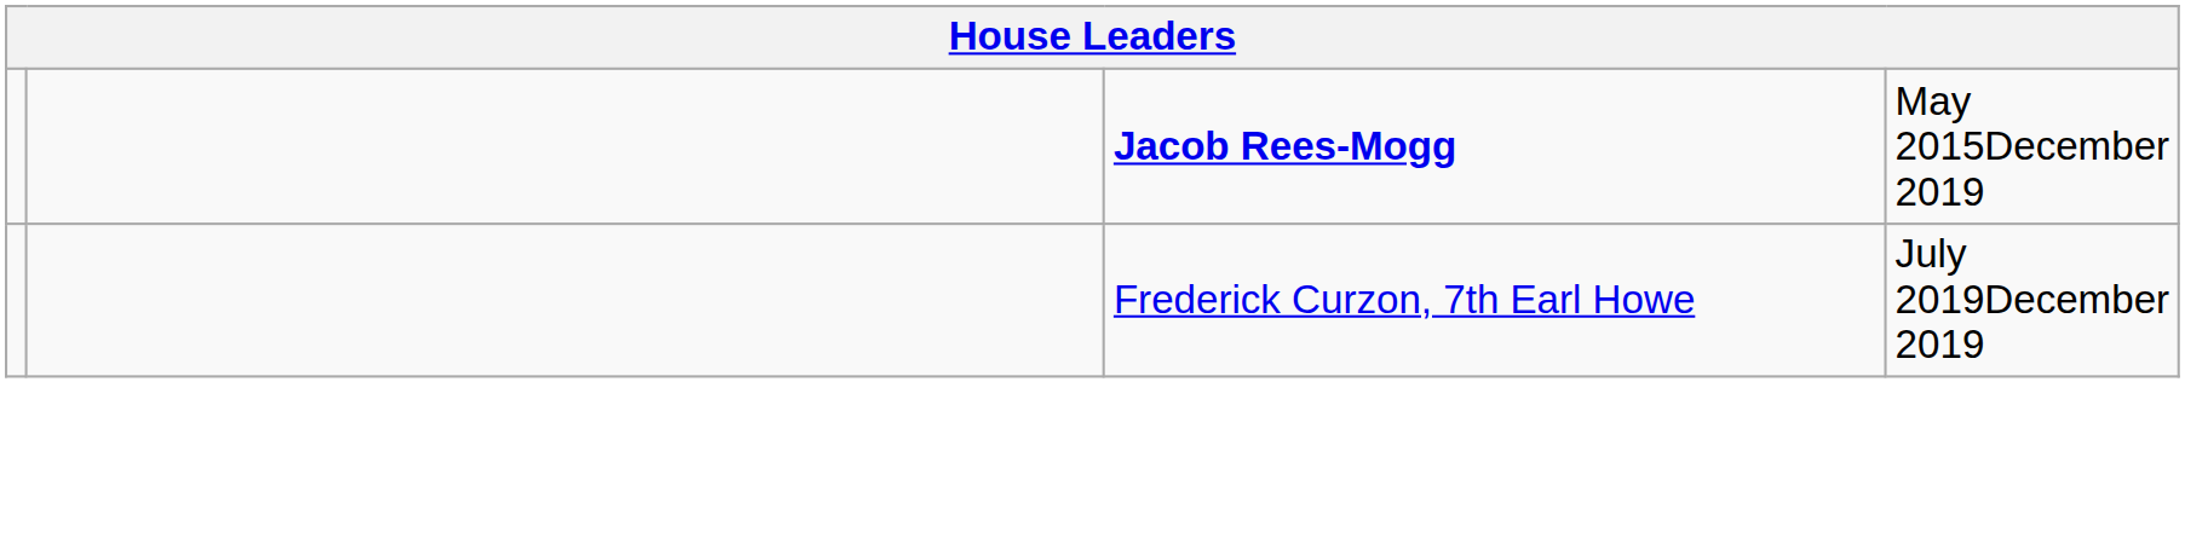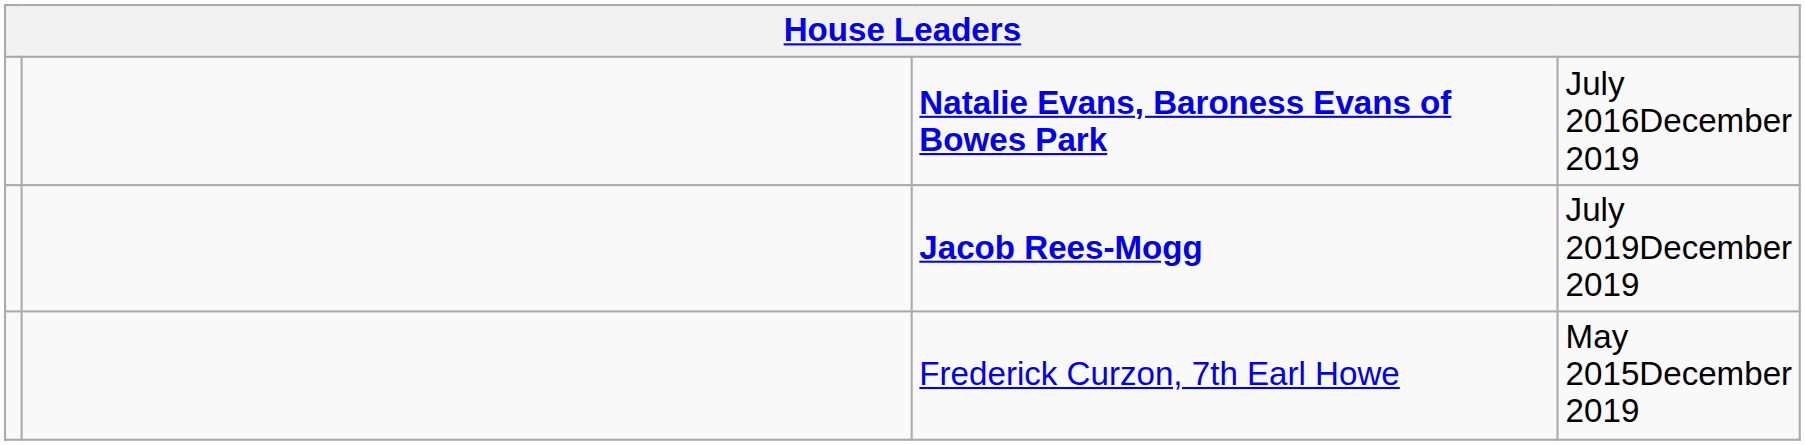 <table class="wikitable">
 <tr>
 <th colspan="4"><a href='#'>House Leaders</a></th>
 </tr>
 <tr>
 <td style="width: 1px; background: "></td>
 <td style="width: 450px;"></td>
+<td style="width: 320px;"><strong><a href='#'>Natalie Evans, Baroness Evans of Bowes Park</a></strong></td>
+<td>July 2016December 2019</td>
+</tr>
+<tr>
+<td style="width: 1px; background: "></td>
+<td style="width: 450px;"></td>
 <td style="width: 320px;"><strong><a href='#'>Jacob Rees-Mogg</a></strong></td>
-<td>May 2015December 2019</td>
+<td>July 2019December 2019</td>
 </tr>
 <tr>
 <td style="width: 1px; background: "></td>
 <td></td>
 <td style="width: 320px;"><a href='#'>Frederick Curzon, 7th Earl Howe</a> </td>
-<td>July 2019December 2019</td>
+<td>May 2015December 2019</td>
 </tr>
 </table>
